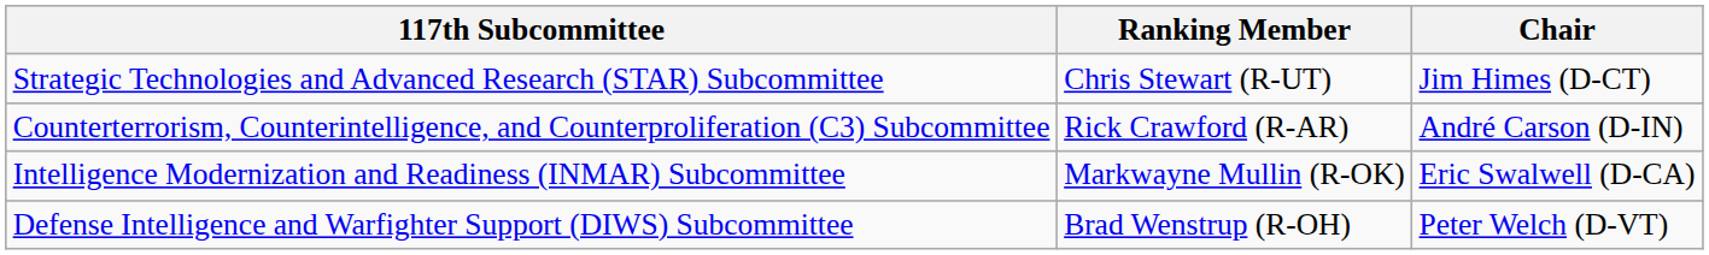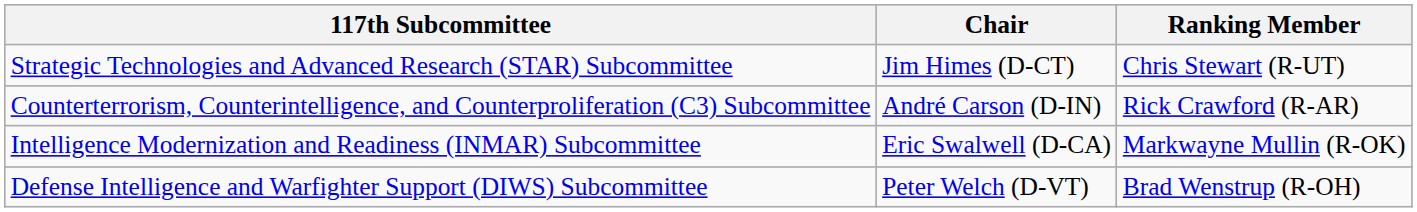 <table class="wikitable">
 <tr>
 <th>117th Subcommittee</th>
+<th>Chair</th>
 <th>Ranking Member</th>
-<th>Chair</th>
 </tr>
 <tr>
 <td><a href='#'>Strategic Technologies and Advanced Research (STAR) Subcommittee</a></td>
+<td><a href='#'>Jim Himes</a> (D-CT)</td>
 <td><a href='#'>Chris Stewart</a> (R-UT)</td>
-<td><a href='#'>Jim Himes</a> (D-CT)</td>
 </tr>
 <tr>
 <td><a href='#'>Counterterrorism, Counterintelligence, and Counterproliferation (C3) Subcommittee</a></td>
+<td><a href='#'>André Carson</a> (D-IN)</td>
 <td><a href='#'>Rick Crawford</a> (R-AR)</td>
-<td><a href='#'>André Carson</a> (D-IN)</td>
 </tr>
 <tr>
 <td><a href='#'>Intelligence Modernization and Readiness (INMAR) Subcommittee</a></td>
+<td><a href='#'>Eric Swalwell</a> (D-CA)</td>
 <td><a href='#'>Markwayne Mullin</a> (R-OK)</td>
-<td><a href='#'>Eric Swalwell</a> (D-CA)</td>
 </tr>
 <tr>
 <td><a href='#'>Defense Intelligence and Warfighter Support (DIWS) Subcommittee</a></td>
+<td><a href='#'>Peter Welch</a> (D-VT)</td>
 <td><a href='#'>Brad Wenstrup</a> (R-OH)</td>
-<td><a href='#'>Peter Welch</a> (D-VT)</td>
 </tr>
 </table>
